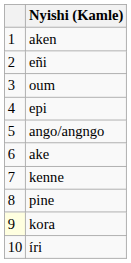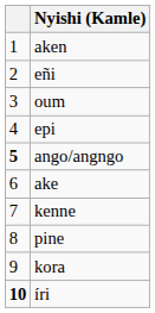 <table class="wikitable">
 <tr>
 <th></th>
 <th>Nyishi (Kamle)</th>
 </tr>
 <tr>
 <td>1</td>
 <td>aken</td>
 </tr>
 <tr>
 <td>2</td>
 <td>eñi</td>
 </tr>
 <tr>
 <td>3</td>
 <td>oum</td>
 </tr>
 <tr>
 <td>4</td>
 <td>epi</td>
 </tr>
 <tr>
-<td>5</td>
+<td><strong>5</strong></td>
 <td>ango/angngo</td>
 </tr>
 <tr>
 <td>6</td>
 <td>ake</td>
 </tr>
 <tr>
 <td>7</td>
 <td>kenne</td>
 </tr>
 <tr>
 <td>8</td>
 <td>pine</td>
 </tr>
 <tr>
-<td style="background: lightyellow;">9</td>
+<td>9</td>
 <td>kora</td>
 </tr>
 <tr>
-<td>10</td>
+<td><strong>10</strong></td>
 <td>íri</td>
 </tr>
 </table>
